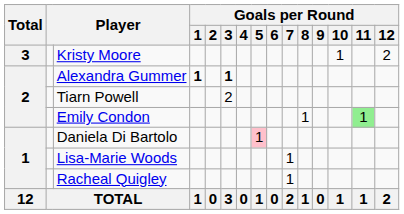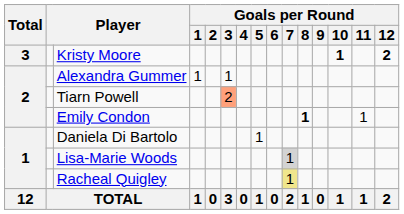 <table class="wikitable" style="text-align:center; line-height: 90%; font-size:90%;">
 <tr>
 <th rowspan="2">Total</th>
 <th rowspan="2" colspan="2">Player</th>
 <th colspan="12">Goals per Round</th>
 </tr>
 <tr>
 <th>1</th>
 <th>2</th>
 <th>3</th>
 <th>4</th>
 <th>5</th>
 <th>6</th>
 <th>7</th>
 <th>8</th>
 <th>9</th>
 <th>10</th>
 <th>11</th>
 <th>12</th>
 </tr>
 <tr>
 <th rowspan="1">3</th>
 <td></td>
 <td style="text-align:left;"><a href='#'>Kristy Moore</a></td>
 <td></td>
 <td></td>
 <td></td>
 <td></td>
 <td></td>
 <td></td>
 <td></td>
 <td></td>
 <td></td>
-<td>1</td>
+<td><strong>1</strong></td>
 <td></td>
-<td>2</td>
+<td><strong>2</strong></td>
 </tr>
 <tr>
 <th rowspan="3">2</th>
 <td></td>
 <td style="text-align:left;"><a href='#'>Alexandra Gummer</a></td>
-<td><strong>1</strong></td>
+<td>1</td>
 <td></td>
-<td><strong>1</strong></td>
+<td>1</td>
 <td></td>
 <td></td>
 <td></td>
 <td></td>
 <td></td>
 <td></td>
 <td></td>
 <td></td>
 <td></td>
 </tr>
 <tr>
 <td></td>
 <td style="text-align:left;">Tiarn Powell</td>
 <td></td>
 <td></td>
-<td>2</td>
+<td style="background: lightsalmon;">2</td>
 <td></td>
 <td></td>
 <td></td>
 <td></td>
 <td></td>
 <td></td>
 <td></td>
 <td></td>
 <td></td>
 </tr>
 <tr>
 <td></td>
 <td style="text-align:left;"><a href='#'>Emily Condon</a></td>
 <td></td>
 <td></td>
 <td></td>
 <td></td>
 <td></td>
 <td></td>
 <td></td>
-<td>1</td>
+<td><strong>1</strong></td>
 <td></td>
 <td></td>
-<td style="background: lightgreen;">1</td>
+<td>1</td>
 <td></td>
 </tr>
 <tr>
 <th rowspan="3">1</th>
 <td></td>
 <td style="text-align:left;">Daniela Di Bartolo</td>
 <td></td>
 <td></td>
 <td></td>
 <td></td>
-<td style="background: pink;">1</td>
+<td>1</td>
 <td></td>
 <td></td>
 <td></td>
 <td></td>
 <td></td>
 <td></td>
 <td></td>
 </tr>
 <tr>
 <td></td>
 <td style="text-align:left;"><a href='#'>Lisa-Marie Woods</a></td>
 <td></td>
 <td></td>
 <td></td>
 <td></td>
 <td></td>
 <td></td>
-<td>1</td>
+<td style="background: lightgrey;">1</td>
 <td></td>
 <td></td>
 <td></td>
 <td></td>
 <td></td>
 </tr>
 <tr>
 <td></td>
 <td style="text-align:left;"><a href='#'>Racheal Quigley</a></td>
 <td></td>
 <td></td>
 <td></td>
 <td></td>
 <td></td>
 <td></td>
-<td>1</td>
+<td style="background: khaki;">1</td>
 <td></td>
 <td></td>
 <td></td>
 <td></td>
 <td></td>
 </tr>
 <tr>
 <th rowspan="1">12</th>
 <th colspan="2">TOTAL</th>
 <th style="text-align:center;">1</th>
 <th>0</th>
 <th>3</th>
 <th>0</th>
 <th>1</th>
 <th>0</th>
 <th>2</th>
 <th>1</th>
 <th>0</th>
 <th>1</th>
 <th>1</th>
 <th>2</th>
 </tr>
 </table>
